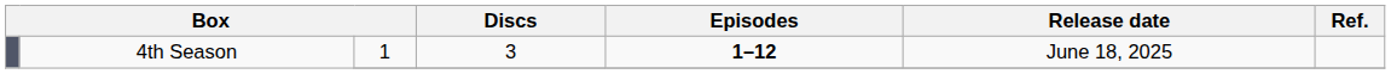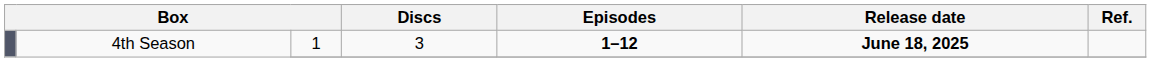 <table class="wikitable" style="text-align: center; width: 70%;">
 <tr>
 <th colspan="3">Box</th>
 <th>Discs</th>
 <th>Episodes</th>
 <th>Release date</th>
 <th style="width:5%;">Ref.</th>
 </tr>
 <tr>
 <td rowspan="3" style="width:1%; background: #505668"></td>
 <td rowspan="3">4th Season</td>
 <td>1</td>
 <td>3</td>
 <td><strong>1–12</strong></td>
-<td>June 18, 2025</td>
+<td><strong>June 18, 2025</strong></td>
 <td></td>
 </tr>
 <tr>
 </tr>
 </table>
